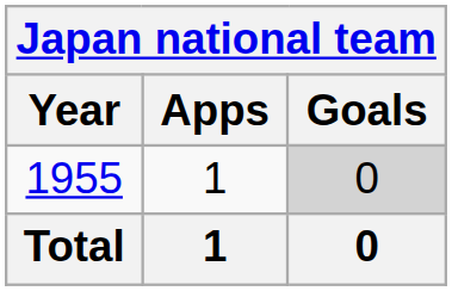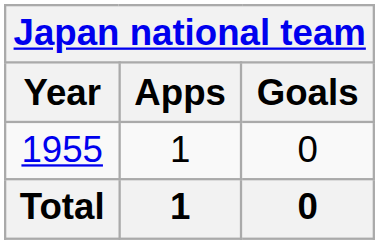 <table class="wikitable" style="text-align:center">
 <tr>
 <th colspan=3><a href='#'>Japan national team</a></th>
 </tr>
 <tr>
 <th>Year</th>
 <th>Apps</th>
 <th>Goals</th>
 </tr>
 <tr>
 <td><a href='#'>1955</a></td>
 <td>1</td>
-<td style="background: lightgrey;">0</td>
+<td>0</td>
 </tr>
 <tr>
 <th>Total</th>
 <th>1</th>
 <th>0</th>
 </tr>
 </table>
